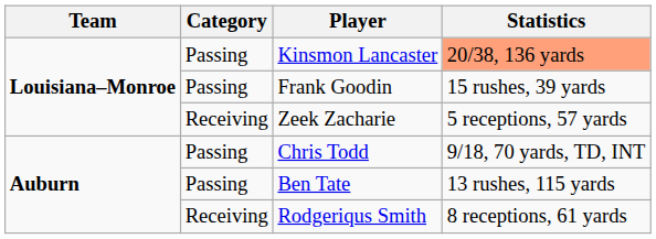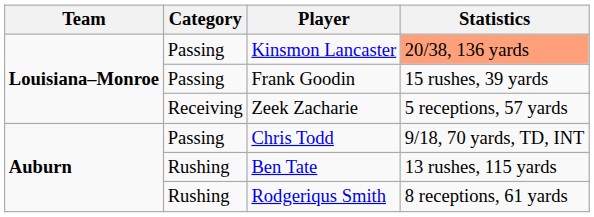 <table class="wikitable" style="float: left;">
 <tr>
 <th>Team</th>
 <th>Category</th>
 <th>Player</th>
 <th>Statistics</th>
 </tr>
 <tr>
 <td rowspan=3><strong>Louisiana–Monroe</strong></td>
 <td>Passing</td>
 <td><a href='#'>Kinsmon Lancaster</a></td>
 <td style="background: lightsalmon;">20/38, 136 yards</td>
 </tr>
 <tr>
 <td>Passing</td>
 <td>Frank Goodin</td>
 <td>15 rushes, 39 yards</td>
 </tr>
 <tr>
 <td>Receiving</td>
 <td>Zeek Zacharie</td>
 <td>5 receptions, 57 yards</td>
 </tr>
 <tr>
 <td rowspan=3><strong>Auburn</strong></td>
 <td>Passing</td>
 <td><a href='#'>Chris Todd</a></td>
 <td>9/18, 70 yards, TD, INT</td>
 </tr>
 <tr>
-<td>Passing</td>
+<td>Rushing</td>
 <td><a href='#'>Ben Tate</a></td>
 <td>13 rushes, 115 yards</td>
 </tr>
 <tr>
-<td>Receiving</td>
+<td>Rushing</td>
 <td><a href='#'>Rodgeriqus Smith</a></td>
 <td>8 receptions, 61 yards</td>
 </tr>
 </table>
